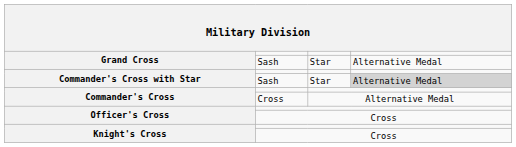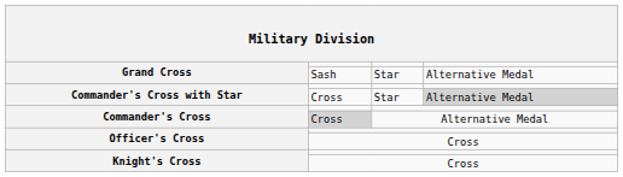 <table class="wikitable" width="60%" align="center">
 <tr>
 <th colspan="4"><br><h3>Military Division</h3></th>
 </tr>
 <tr>
 <th rowspan="2"><strong>Grand Cross</strong></th>
 <td></td>
 <td></td>
 <td></td>
 </tr>
 <tr>
 <td>Sash</td>
 <td>Star</td>
 <td>Alternative Medal</td>
 </tr>
 <tr>
 <th rowspan="2"><strong>Commander's Cross with Star</strong></th>
 <td></td>
 <td></td>
 <td></td>
 </tr>
 <tr>
-<td>Sash</td>
+<td>Cross</td>
 <td>Star</td>
 <td style="background: lightgrey;">Alternative Medal</td>
 </tr>
 <tr>
 <th rowspan="2"><strong>Commander's Cross</strong></th>
 <td></td>
 <td colspan="2"></td>
 </tr>
 <tr>
-<td>Cross</td>
+<td style="background: lightgrey;">Cross</td>
 <td colspan="2" align="center" valign="center" width="33,33%">Alternative Medal</td>
 </tr>
 <tr>
 <th rowspan="2"><strong>Officer's Cross</strong></th>
 <td colspan="3"></td>
 </tr>
 <tr>
 <td colspan="3" align="center" valign="center" width="33,33%">Cross</td>
 </tr>
 <tr>
 <th rowspan="2"><strong>Knight's Cross</strong></th>
 <td colspan="3"></td>
 </tr>
 <tr>
 <td colspan="3" align="center" valign="center" width="33,33%">Cross</td>
 </tr>
 </table>
